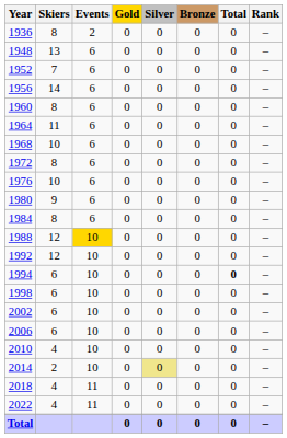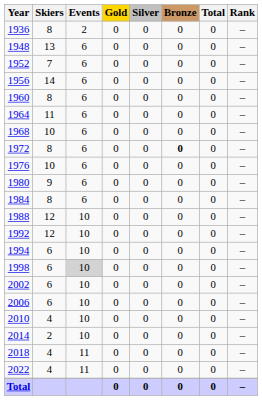 <table class="wikitable sortable collapsible collapsed">
 <tr>
 <th>Year</th>
 <th>Skiers</th>
 <th>Events</th>
 <th style="text-align:center; background-color:gold;"><strong>Gold</strong></th>
 <th style="text-align:center; background-color:silver;"><strong>Silver</strong></th>
 <th style="text-align:center; background-color:#c96;"><strong>Bronze</strong></th>
 <th>Total</th>
 <th>Rank</th>
 </tr>
 <tr style="text-align:center">
 <td><a href='#'>1936</a></td>
 <td>8</td>
 <td>2</td>
 <td>0</td>
 <td>0</td>
 <td>0</td>
 <td>0</td>
 <td>–</td>
 </tr>
 <tr style="text-align:center">
 <td><a href='#'>1948</a></td>
 <td>13</td>
 <td>6</td>
 <td>0</td>
 <td>0</td>
 <td>0</td>
 <td>0</td>
 <td>–</td>
 </tr>
 <tr style="text-align:center">
 <td><a href='#'>1952</a></td>
 <td>7</td>
 <td>6</td>
 <td>0</td>
 <td>0</td>
 <td>0</td>
 <td>0</td>
 <td>–</td>
 </tr>
 <tr style="text-align:center">
 <td><a href='#'>1956</a></td>
 <td>14</td>
 <td>6</td>
 <td>0</td>
 <td>0</td>
 <td>0</td>
 <td>0</td>
 <td>–</td>
 </tr>
 <tr style="text-align:center">
 <td><a href='#'>1960</a></td>
 <td>8</td>
 <td>6</td>
 <td>0</td>
 <td>0</td>
 <td>0</td>
 <td>0</td>
 <td>–</td>
 </tr>
 <tr style="text-align:center">
 <td><a href='#'>1964</a></td>
 <td>11</td>
 <td>6</td>
 <td>0</td>
 <td>0</td>
 <td>0</td>
 <td>0</td>
 <td>–</td>
 </tr>
 <tr style="text-align:center">
 <td><a href='#'>1968</a></td>
 <td>10</td>
 <td>6</td>
 <td>0</td>
 <td>0</td>
 <td>0</td>
 <td>0</td>
 <td>–</td>
 </tr>
 <tr style="text-align:center">
 <td><a href='#'>1972</a></td>
 <td>8</td>
 <td>6</td>
 <td>0</td>
 <td>0</td>
-<td>0</td>
+<td><strong>0</strong></td>
 <td>0</td>
 <td>–</td>
 </tr>
 <tr style="text-align:center">
 <td><a href='#'>1976</a></td>
 <td>10</td>
 <td>6</td>
 <td>0</td>
 <td>0</td>
 <td>0</td>
 <td>0</td>
 <td>–</td>
 </tr>
 <tr style="text-align:center">
 <td><a href='#'>1980</a></td>
 <td>9</td>
 <td>6</td>
 <td>0</td>
 <td>0</td>
 <td>0</td>
 <td>0</td>
 <td>–</td>
 </tr>
 <tr style="text-align:center">
 <td><a href='#'>1984</a></td>
 <td>8</td>
 <td>6</td>
 <td>0</td>
 <td>0</td>
 <td>0</td>
 <td>0</td>
 <td>–</td>
 </tr>
 <tr style="text-align:center">
 <td><a href='#'>1988</a></td>
 <td>12</td>
-<td style="background: gold;">10</td>
+<td>10</td>
 <td>0</td>
 <td>0</td>
 <td>0</td>
 <td>0</td>
 <td>–</td>
 </tr>
 <tr style="text-align:center">
 <td><a href='#'>1992</a></td>
 <td>12</td>
 <td>10</td>
 <td>0</td>
 <td>0</td>
 <td>0</td>
 <td>0</td>
 <td>–</td>
 </tr>
 <tr style="text-align:center">
 <td><a href='#'>1994</a></td>
 <td>6</td>
 <td>10</td>
 <td>0</td>
 <td>0</td>
 <td>0</td>
-<td><strong>0</strong></td>
+<td>0</td>
 <td>–</td>
 </tr>
 <tr style="text-align:center">
 <td><a href='#'>1998</a></td>
 <td>6</td>
-<td>10</td>
+<td style="background: lightgrey;">10</td>
 <td>0</td>
 <td>0</td>
 <td>0</td>
 <td>0</td>
 <td>–</td>
 </tr>
 <tr style="text-align:center">
 <td><a href='#'>2002</a></td>
 <td>6</td>
 <td>10</td>
 <td>0</td>
 <td>0</td>
 <td>0</td>
 <td>0</td>
 <td>–</td>
 </tr>
 <tr style="text-align:center">
 <td><a href='#'>2006</a></td>
 <td>6</td>
 <td>10</td>
 <td>0</td>
 <td>0</td>
 <td>0</td>
 <td>0</td>
 <td>–</td>
 </tr>
 <tr style="text-align:center">
 <td><a href='#'>2010</a></td>
 <td>4</td>
 <td>10</td>
 <td>0</td>
 <td>0</td>
 <td>0</td>
 <td>0</td>
 <td>–</td>
 </tr>
 <tr style="text-align:center">
 <td><a href='#'>2014</a></td>
 <td>2</td>
 <td>10</td>
 <td>0</td>
-<td style="background: khaki;">0</td>
+<td>0</td>
 <td>0</td>
 <td>0</td>
 <td>–</td>
 </tr>
 <tr style="text-align:center">
 <td><a href='#'>2018</a></td>
 <td>4</td>
 <td>11</td>
 <td>0</td>
 <td>0</td>
 <td>0</td>
 <td>0</td>
 <td>–</td>
 </tr>
 <tr style="text-align:center">
 <td><a href='#'>2022</a></td>
 <td>4</td>
 <td>11</td>
 <td>0</td>
 <td>0</td>
 <td>0</td>
 <td>0</td>
 <td>–</td>
 </tr>
 <tr style="text-align:center">
 </tr>
 <tr style="text-align:center; background-color:#ccf;">
 <td><strong><a href='#'>Total</a></strong></td>
 <td></td>
 <td></td>
 <td><strong>0</strong></td>
 <td><strong>0</strong></td>
 <td><strong>0</strong></td>
 <td><strong>0</strong></td>
 <td><strong>–</strong></td>
 </tr>
 </table>
